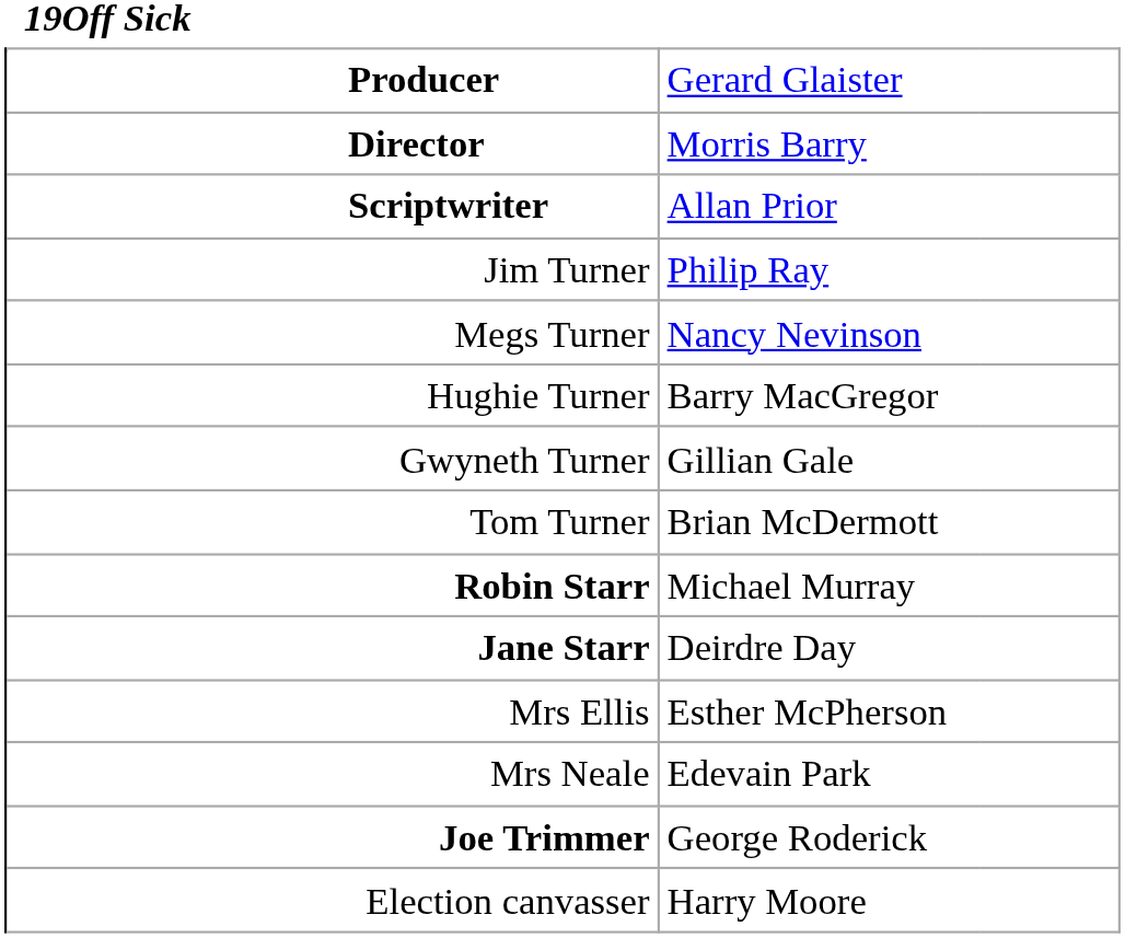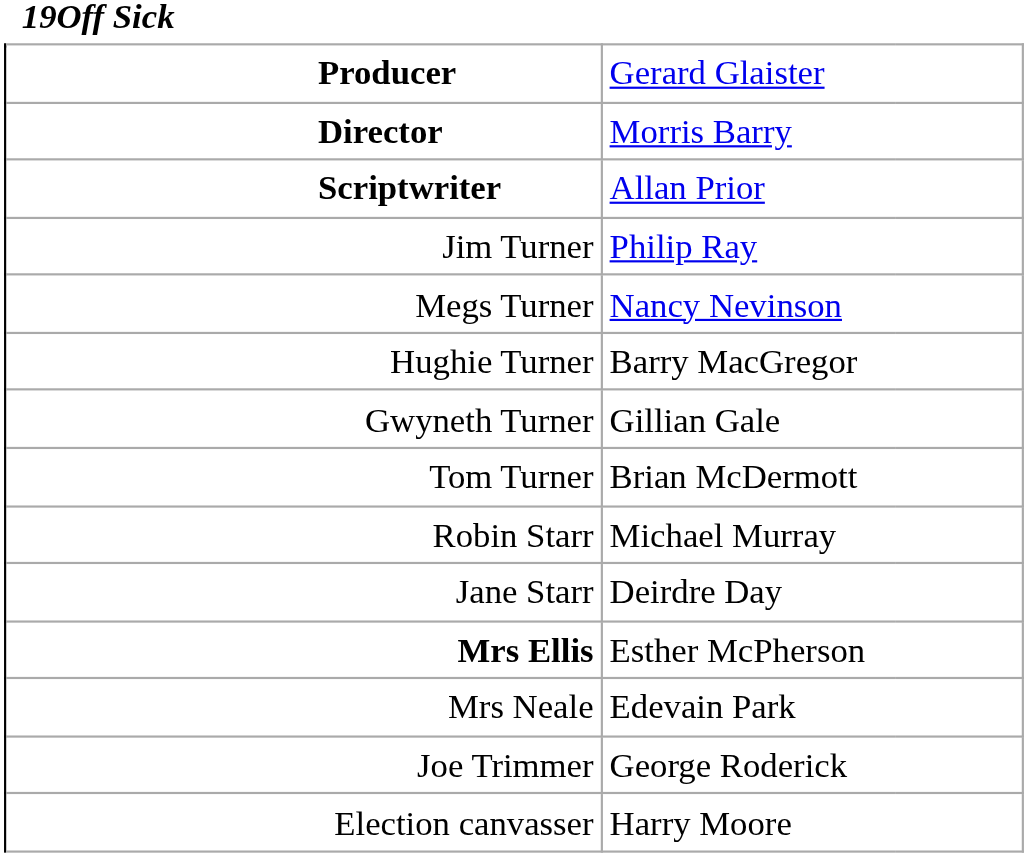 <table class="wikitable mw-collapsible mw-collapsed" style="vertical-align:top;margin:auto 2em;line-height:1.2;min-width:33em;display: inline-table;background-color:inherit;border:none;">
 <tr>
 <td class=unsortable style="border:hidden;line-height:1.67;text-align:center;margin-left:-1em;padding-left:0.5em;min-width:1.0em;"></td>
 <td class=unsortable style="border:none;padding-left:0.5em;text-align:left;min-width:16.5em;font-weight:700;font-style:italic;">19Off Sick</td>
 <td class=unsortable style="border:none;text-align:right;font-weight:normal;font-family:Courier;font-size:95%;letter-spacing:-1pt;min-width:8.5em;padding-right:0.2em;"></td>
 <td class=unsortable style="border:hidden;min-width:3.5em;padding-left:0;"></td>
 <td class=unsortable style="border:hidden;min-width:3.5em;font-size:95%;"></td>
 </tr>
 <tr>
 <td rowspan=100 style="border:none thin;border-right-style :solid;"></td>
 </tr>
 <tr>
 <td style="text-align:left;padding-left:9.0em;font-weight:bold;">Producer</td>
 <td colspan=2><a href='#'>Gerard Glaister</a></td>
 </tr>
 <tr>
 <td style="text-align:left;padding-left:9.0em;font-weight:bold;">Director</td>
 <td colspan=2><a href='#'>Morris Barry</a></td>
 </tr>
 <tr>
 <td style="text-align:left;padding-left:9.0em;font-weight:bold;">Scriptwriter</td>
 <td colspan=2><a href='#'>Allan Prior</a></td>
 </tr>
 <tr>
 <td style="text-align:right;">Jim Turner</td>
 <td colspan=2><a href='#'>Philip Ray</a></td>
 </tr>
 <tr>
 <td style="text-align:right;">Megs Turner</td>
 <td colspan=2><a href='#'>Nancy Nevinson</a></td>
 </tr>
 <tr>
 <td style="text-align:right;">Hughie Turner</td>
 <td colspan=2>Barry MacGregor</td>
 </tr>
 <tr>
 <td style="text-align:right;">Gwyneth Turner</td>
 <td colspan=2>Gillian Gale</td>
 </tr>
 <tr>
 <td style="text-align:right;">Tom Turner</td>
 <td colspan=2>Brian McDermott</td>
 </tr>
 <tr>
-<td style="text-align:right;"><strong>Robin Starr</strong></td>
+<td style="text-align:right;">Robin Starr</td>
 <td colspan=2>Michael Murray</td>
 </tr>
 <tr>
-<td style="text-align:right;"><strong>Jane Starr</strong></td>
+<td style="text-align:right;">Jane Starr</td>
 <td colspan=2>Deirdre Day</td>
 </tr>
 <tr>
-<td style="text-align:right;">Mrs Ellis</td>
+<td style="text-align:right;"><strong>Mrs Ellis</strong></td>
 <td colspan=2>Esther McPherson</td>
 </tr>
 <tr>
 <td style="text-align:right;">Mrs Neale</td>
 <td colspan=2>Edevain Park</td>
 </tr>
 <tr>
-<td style="text-align:right;"><strong>Joe Trimmer</strong></td>
+<td style="text-align:right;">Joe Trimmer</td>
 <td colspan=2>George Roderick</td>
 </tr>
 <tr>
 <td style="text-align:right;">Election canvasser</td>
 <td colspan=2>Harry Moore</td>
 </tr>
 </table>
